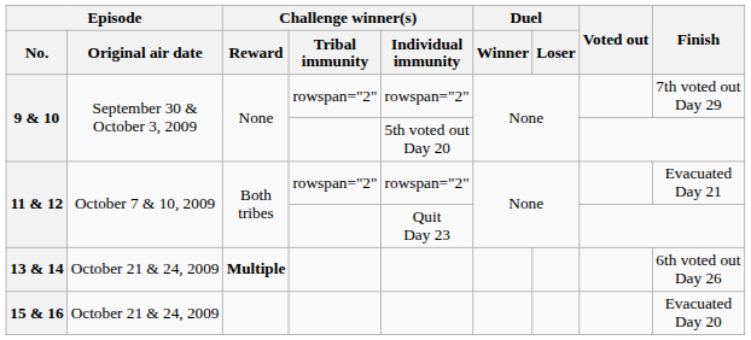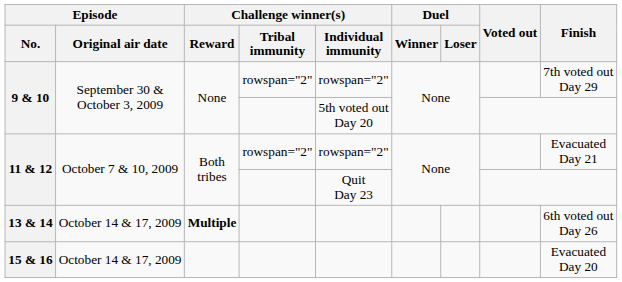 <table class="wikitable nowrap" style="margin:auto; text-align:center;">
 <tr>
 <th colspan="2">Episode</th>
 <th colspan="3">Challenge winner(s)</th>
 <th colspan="2">Duel</th>
 <th rowspan=2>Voted out</th>
 <th rowspan=2>Finish</th>
 </tr>
 <tr>
 <th>No.</th>
 <th>Original air date</th>
 <th>Reward</th>
 <th>Tribal<br>immunity</th>
 <th>Individual<br>immunity</th>
 <th>Winner</th>
 <th>Loser</th>
 </tr>
 <tr>
 <th rowspan="2">9 & 10</th>
 <td rowspan="2">September 30 &<br>October 3, 2009</td>
 <td rowspan="2">None</td>
 <td>rowspan="2" </td>
 <td>rowspan="2" </td>
 <td rowspan="2" colspan="2">None</td>
 <td></td>
 <td>7th voted out<br>Day 29</td>
 </tr>
 <tr>
 <td></td>
 <td>5th voted out<br>Day 20</td>
 </tr>
 <tr>
 <th rowspan="2">11 & 12</th>
 <td rowspan="2">October 7 & 10, 2009</td>
 <td rowspan="2">Both<br>tribes</td>
 <td>rowspan="2" </td>
 <td>rowspan="2" </td>
 <td rowspan="2" colspan="2">None</td>
 <td></td>
 <td>Evacuated<br>Day 21</td>
 </tr>
 <tr>
 <td></td>
 <td>Quit<br>Day 23</td>
 </tr>
 <tr>
 <th>13 & 14</th>
-<td>October 21 & 24, 2009</td>
+<td>October 14 & 17, 2009</td>
 <td><strong>Multiple</strong></td>
 <td></td>
 <td></td>
 <td></td>
 <td></td>
 <td></td>
 <td>6th voted out<br>Day 26</td>
 </tr>
 <tr>
 <th>15 & 16</th>
-<td>October 21 & 24, 2009</td>
+<td>October 14 & 17, 2009</td>
 <td></td>
 <td></td>
 <td></td>
 <td></td>
 <td></td>
 <td></td>
 <td>Evacuated<br>Day 20</td>
 </tr>
 </table>
